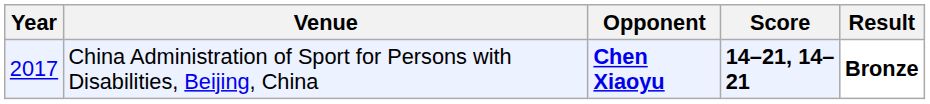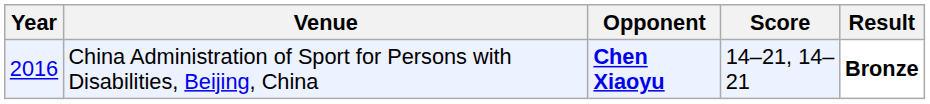 <table class="sortable wikitable" style="font-size: 90%;">
 <tr>
 <th>Year</th>
 <th>Venue</th>
 <th>Opponent</th>
 <th>Score</th>
 <th>Result</th>
 </tr>
 <tr style="background:#ECF2FF">
-<td align="center"><a href='#'>2017</a></td>
+<td align="center"><a href='#'>2016</a></td>
 <td align="left">China Administration of Sport for Persons with Disabilities, <a href='#'>Beijing</a>, China</td>
 <td align="left"><strong> <a href='#'>Chen Xiaoyu</a></strong></td>
-<td align="left"><strong>14–21, 14–21</strong></td>
+<td align="left">14–21, 14–21</td>
 <td style="text-align:left; background:white"> <strong>Bronze</strong></td>
 </tr>
 </table>
